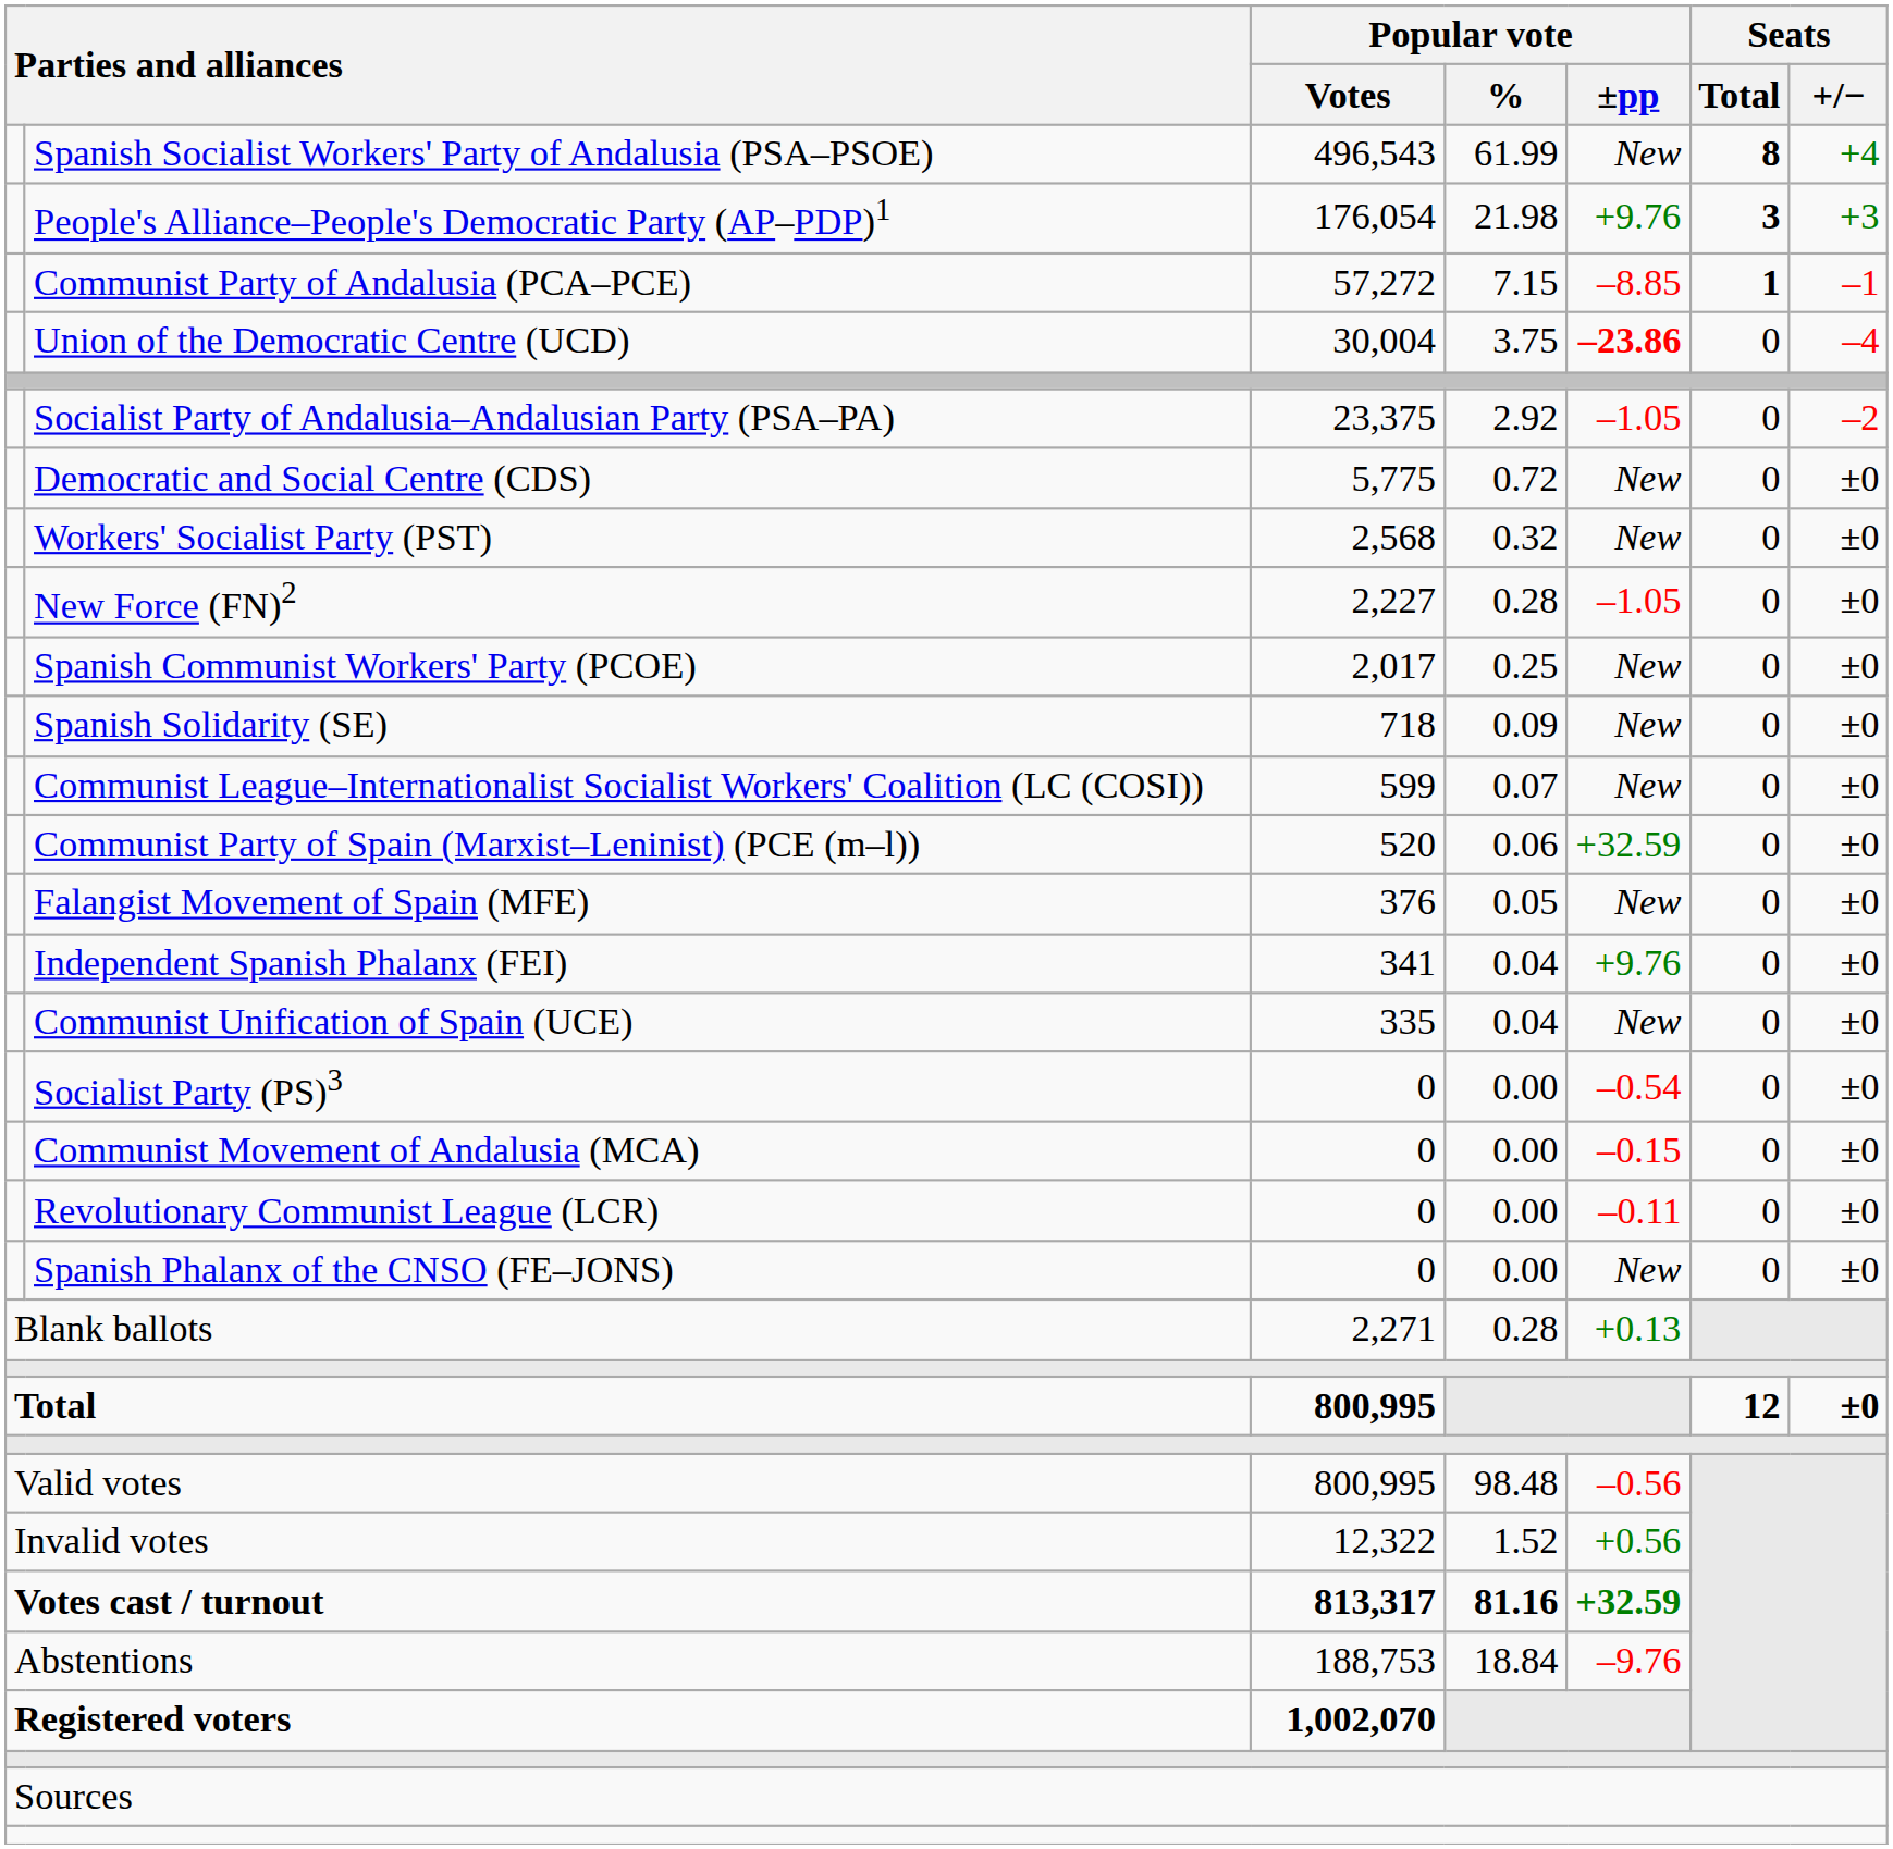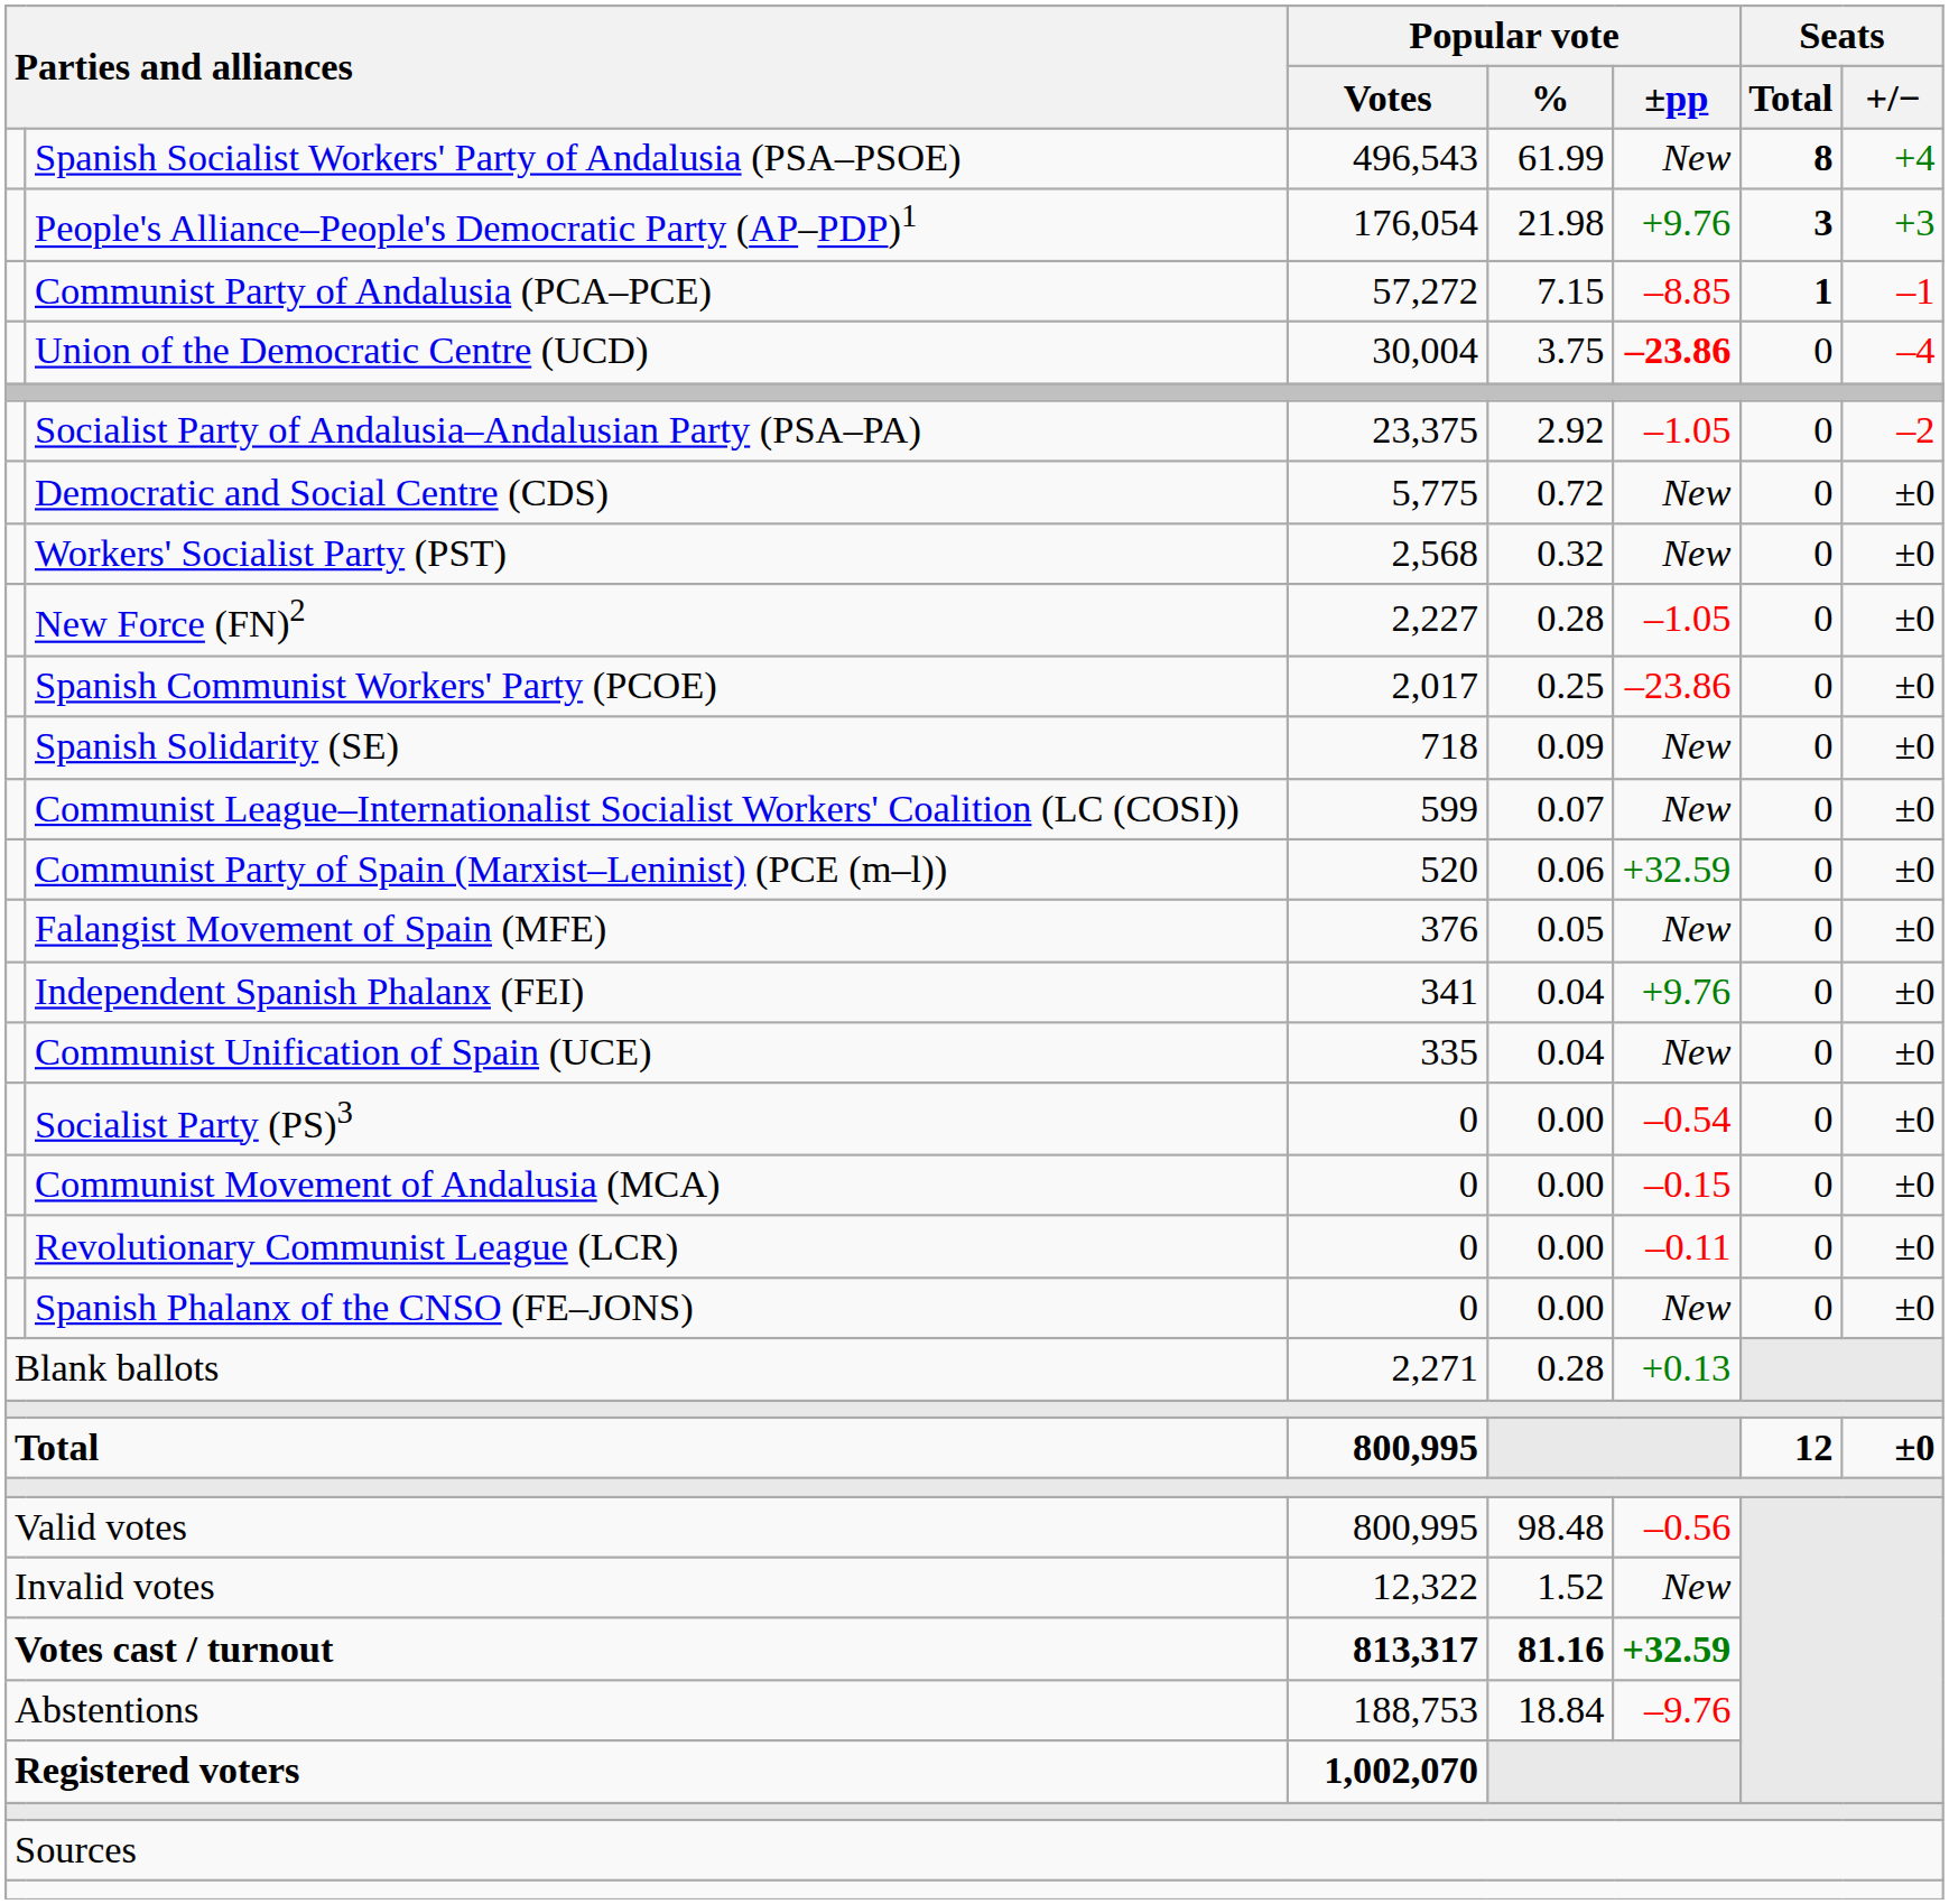 <table class="wikitable" style="text-align:right;">
 <tr>
 <th style="text-align:left;" rowspan="2" colspan="2" width="525">Parties and alliances</th>
 <th colspan="3">Popular vote</th>
 <th colspan="2">Seats</th>
 </tr>
 <tr>
 <th width="75">Votes</th>
 <th width="45">%</th>
 <th width="45">±<a href='#'>pp</a></th>
 <th width="35">Total</th>
 <th width="35">+/−</th>
 </tr>
 <tr>
 <td width="1" style="color:inherit;background:"></td>
 <td align="left"><a href='#'>Spanish Socialist Workers' Party of Andalusia</a> (PSA–PSOE)</td>
 <td>496,543</td>
 <td>61.99</td>
 <td><em>New</em></td>
 <td><strong>8</strong></td>
 <td style="color:green;">+4</td>
 </tr>
 <tr>
 <td style="color:inherit;background:"></td>
 <td align="left"><a href='#'>People's Alliance–People's Democratic Party</a> (<a href='#'>AP</a>–<a href='#'>PDP</a>)<sup>1</sup></td>
 <td>176,054</td>
 <td>21.98</td>
 <td style="color:green;">+9.76</td>
 <td><strong>3</strong></td>
 <td style="color:green;">+3</td>
 </tr>
 <tr>
 <td style="color:inherit;background:"></td>
 <td align="left"><a href='#'>Communist Party of Andalusia</a> (PCA–PCE)</td>
 <td>57,272</td>
 <td>7.15</td>
 <td style="color:red;">–8.85</td>
 <td><strong>1</strong></td>
 <td style="color:red;">–1</td>
 </tr>
 <tr>
 <td style="color:inherit;background:"></td>
 <td align="left"><a href='#'>Union of the Democratic Centre</a> (UCD)</td>
 <td>30,004</td>
 <td>3.75</td>
 <td style="color:red;"><strong>–23.86</strong></td>
 <td>0</td>
 <td style="color:red;">–4</td>
 </tr>
 <tr>
 <td colspan="7" bgcolor="#C0C0C0"></td>
 </tr>
 <tr>
 <td style="color:inherit;background:"></td>
 <td align="left"><a href='#'>Socialist Party of Andalusia–Andalusian Party</a> (PSA–PA)</td>
 <td>23,375</td>
 <td>2.92</td>
 <td style="color:red;">–1.05</td>
 <td>0</td>
 <td style="color:red;">–2</td>
 </tr>
 <tr>
 <td style="color:inherit;background:"></td>
 <td align="left"><a href='#'>Democratic and Social Centre</a> (CDS)</td>
 <td>5,775</td>
 <td>0.72</td>
 <td><em>New</em></td>
 <td>0</td>
 <td>±0</td>
 </tr>
 <tr>
 <td style="color:inherit;background:"></td>
 <td align="left"><a href='#'>Workers' Socialist Party</a> (PST)</td>
 <td>2,568</td>
 <td>0.32</td>
 <td><em>New</em></td>
 <td>0</td>
 <td>±0</td>
 </tr>
 <tr>
 <td style="color:inherit;background:"></td>
 <td align="left"><a href='#'>New Force</a> (FN)<sup>2</sup></td>
 <td>2,227</td>
 <td>0.28</td>
 <td style="color:red;">–1.05</td>
 <td>0</td>
 <td>±0</td>
 </tr>
 <tr>
 <td style="color:inherit;background:"></td>
 <td align="left"><a href='#'>Spanish Communist Workers' Party</a> (PCOE)</td>
 <td>2,017</td>
 <td>0.25</td>
-<td><em>New</em></td>
+<td style="color:red;">–23.86</td>
 <td>0</td>
 <td>±0</td>
 </tr>
 <tr>
 <td style="color:inherit;background:"></td>
 <td align="left"><a href='#'>Spanish Solidarity</a> (SE)</td>
 <td>718</td>
 <td>0.09</td>
 <td><em>New</em></td>
 <td>0</td>
 <td>±0</td>
 </tr>
 <tr>
 <td style="color:inherit;background:"></td>
 <td align="left"><a href='#'>Communist League–Internationalist Socialist Workers' Coalition</a> (LC (COSI))</td>
 <td>599</td>
 <td>0.07</td>
 <td><em>New</em></td>
 <td>0</td>
 <td>±0</td>
 </tr>
 <tr>
 <td style="color:inherit;background:"></td>
 <td align="left"><a href='#'>Communist Party of Spain (Marxist–Leninist)</a> (PCE (m–l))</td>
 <td>520</td>
 <td>0.06</td>
 <td style="color:green;">+32.59</td>
 <td>0</td>
 <td>±0</td>
 </tr>
 <tr>
 <td style="color:inherit;background:"></td>
 <td align="left"><a href='#'>Falangist Movement of Spain</a> (MFE)</td>
 <td>376</td>
 <td>0.05</td>
 <td><em>New</em></td>
 <td>0</td>
 <td>±0</td>
 </tr>
 <tr>
 <td style="color:inherit;background:"></td>
 <td align="left"><a href='#'>Independent Spanish Phalanx</a> (FEI)</td>
 <td>341</td>
 <td>0.04</td>
 <td style="color:green;">+9.76</td>
 <td>0</td>
 <td>±0</td>
 </tr>
 <tr>
 <td style="color:inherit;background:"></td>
 <td align="left"><a href='#'>Communist Unification of Spain</a> (UCE)</td>
 <td>335</td>
 <td>0.04</td>
 <td><em>New</em></td>
 <td>0</td>
 <td>±0</td>
 </tr>
 <tr>
 <td style="color:inherit;background:"></td>
 <td align="left"><a href='#'>Socialist Party</a> (PS)<sup>3</sup></td>
 <td>0</td>
 <td>0.00</td>
 <td style="color:red;">–0.54</td>
 <td>0</td>
 <td>±0</td>
 </tr>
 <tr>
 <td style="color:inherit;background:"></td>
 <td align="left"><a href='#'>Communist Movement of Andalusia</a> (MCA)</td>
 <td>0</td>
 <td>0.00</td>
 <td style="color:red;">–0.15</td>
 <td>0</td>
 <td>±0</td>
 </tr>
 <tr>
 <td style="color:inherit;background:"></td>
 <td align="left"><a href='#'>Revolutionary Communist League</a> (LCR)</td>
 <td>0</td>
 <td>0.00</td>
 <td style="color:red;">–0.11</td>
 <td>0</td>
 <td>±0</td>
 </tr>
 <tr>
 <td style="color:inherit;background:"></td>
 <td align="left"><a href='#'>Spanish Phalanx of the CNSO</a> (FE–JONS)</td>
 <td>0</td>
 <td>0.00</td>
 <td><em>New</em></td>
 <td>0</td>
 <td>±0</td>
 </tr>
 <tr>
 <td align="left" colspan="2">Blank ballots</td>
 <td>2,271</td>
 <td>0.28</td>
 <td style="color:green;">+0.13</td>
 <td bgcolor="#E9E9E9" colspan="2"></td>
 </tr>
 <tr>
 <td colspan="7" bgcolor="#E9E9E9"></td>
 </tr>
 <tr style="font-weight:bold;">
 <td align="left" colspan="2">Total</td>
 <td>800,995</td>
 <td bgcolor="#E9E9E9" colspan="2"></td>
 <td>12</td>
 <td>±0</td>
 </tr>
 <tr>
 <td colspan="7" bgcolor="#E9E9E9"></td>
 </tr>
 <tr>
 <td align="left" colspan="2">Valid votes</td>
 <td>800,995</td>
 <td>98.48</td>
 <td style="color:red;">–0.56</td>
 <td bgcolor="#E9E9E9" colspan="2" rowspan="5"></td>
 </tr>
 <tr>
 <td align="left" colspan="2">Invalid votes</td>
 <td>12,322</td>
 <td>1.52</td>
-<td style="color:green;">+0.56</td>
+<td><em>New</em></td>
 </tr>
 <tr style="font-weight:bold;">
 <td align="left" colspan="2">Votes cast / turnout</td>
 <td>813,317</td>
 <td>81.16</td>
 <td style="color:green;">+32.59</td>
 </tr>
 <tr>
 <td align="left" colspan="2">Abstentions</td>
 <td>188,753</td>
 <td>18.84</td>
 <td style="color:red;">–9.76</td>
 </tr>
 <tr style="font-weight:bold;">
 <td align="left" colspan="2">Registered voters</td>
 <td>1,002,070</td>
 <td bgcolor="#E9E9E9" colspan="2"></td>
 </tr>
 <tr>
 <td colspan="7" bgcolor="#E9E9E9"></td>
 </tr>
 <tr>
 <td align="left" colspan="7">Sources</td>
 </tr>
 <tr>
 <td colspan="7" style="text-align:left; max-width:790px;"></td>
 </tr>
 </table>
